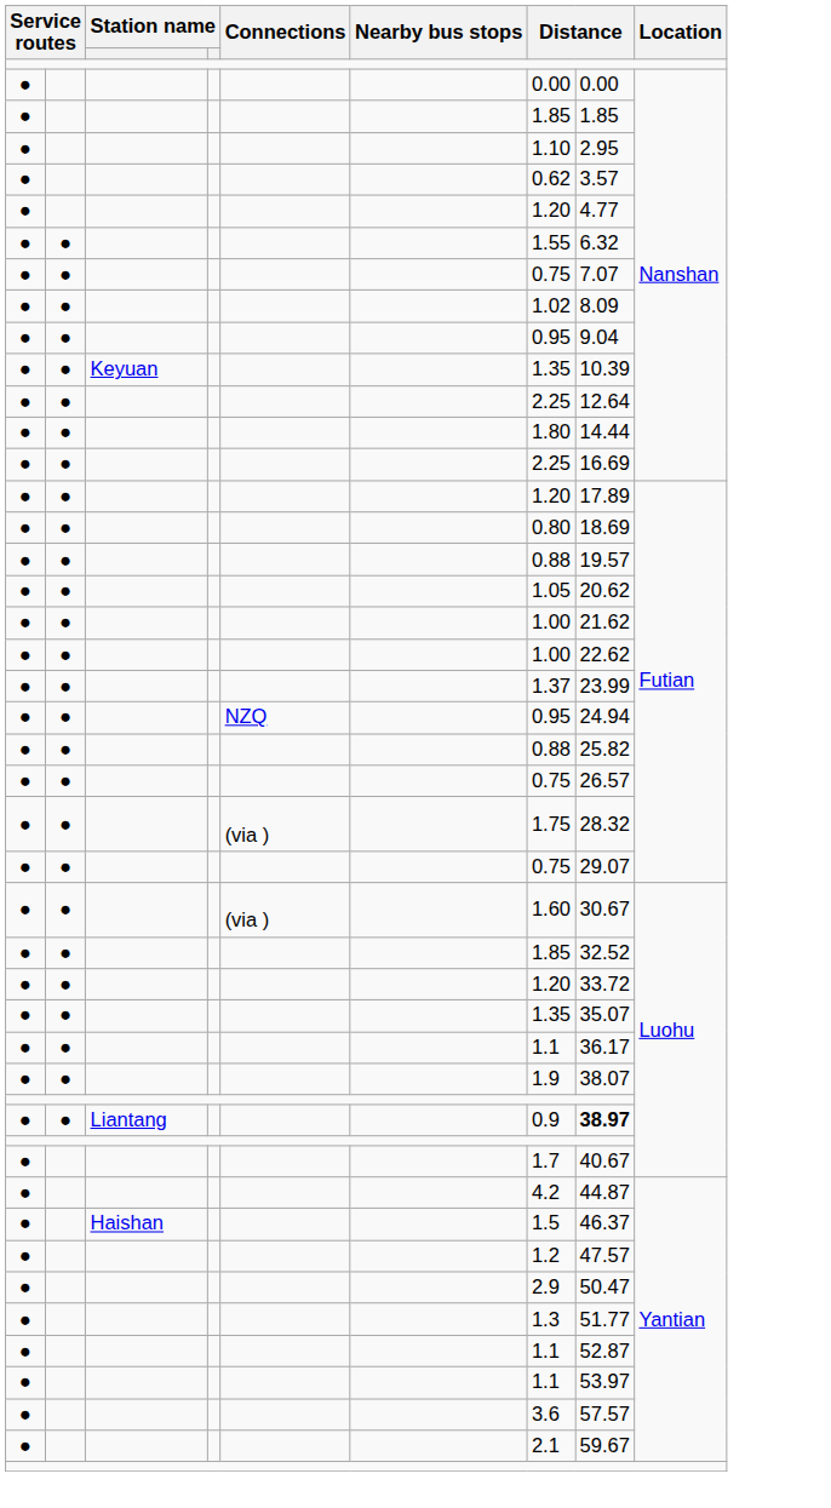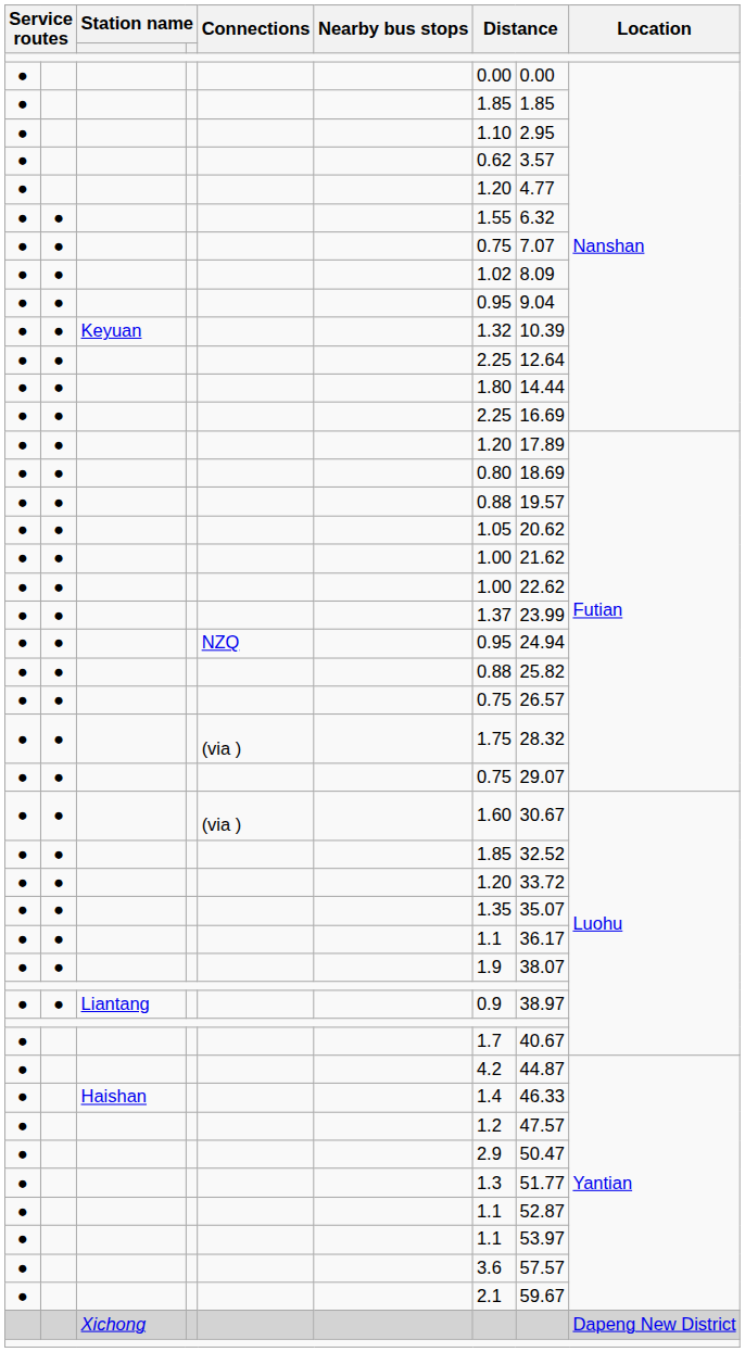 <table class="wikitable">
 <tr>
 <th rowspan="2" colspan="2">Service<br>routes</th>
 <th colspan="2">Station name</th>
 <th rowspan="2">Connections</th>
 <th rowspan="2">Nearby bus stops</th>
 <th colspan="2" rowspan="2">Distance<br></th>
 <th rowspan="2">Location</th>
 </tr>
 <tr>
 <th></th>
 <th></th>
 </tr>
 <tr style="background:#">
 <td colspan = "9"></td>
 </tr>
 <tr>
 <td align="center">●</td>
 <td align="center"></td>
 <td></td>
 <td></td>
 <td></td>
 <td></td>
 <td>0.00</td>
 <td>0.00</td>
 <td rowspan=13><a href='#'>Nanshan</a></td>
 </tr>
 <tr>
 <td align="center">●</td>
 <td align="center"></td>
 <td></td>
 <td></td>
 <td></td>
 <td></td>
 <td>1.85</td>
 <td>1.85</td>
 </tr>
 <tr>
 <td align="center">●</td>
 <td align="center"></td>
 <td></td>
 <td></td>
 <td></td>
 <td></td>
 <td>1.10</td>
 <td>2.95</td>
 </tr>
 <tr>
 <td align="center">●</td>
 <td align="center"></td>
 <td></td>
 <td></td>
 <td></td>
 <td></td>
 <td>0.62</td>
 <td>3.57</td>
 </tr>
 <tr>
 <td align="center">●</td>
 <td align="center"></td>
 <td></td>
 <td></td>
 <td></td>
 <td></td>
 <td>1.20</td>
 <td>4.77</td>
 </tr>
 <tr>
 <td align="center">●</td>
 <td align="center">●</td>
 <td></td>
 <td></td>
 <td></td>
 <td></td>
 <td>1.55</td>
 <td>6.32</td>
 </tr>
 <tr>
 <td align="center">●</td>
 <td align="center">●</td>
 <td></td>
 <td></td>
 <td></td>
 <td></td>
 <td>0.75</td>
 <td>7.07</td>
 </tr>
 <tr>
 <td align="center">●</td>
 <td align="center">●</td>
 <td></td>
 <td></td>
 <td></td>
 <td></td>
 <td>1.02</td>
 <td>8.09</td>
 </tr>
 <tr>
 <td align="center">●</td>
 <td align="center">●</td>
 <td></td>
 <td></td>
 <td> </td>
 <td></td>
 <td>0.95</td>
 <td>9.04</td>
 </tr>
 <tr>
 <td align="center">●</td>
 <td align="center">●</td>
 <td><a href='#'>Keyuan</a></td>
 <td></td>
 <td></td>
 <td></td>
-<td>1.35</td>
+<td>1.32</td>
 <td>10.39</td>
 </tr>
 <tr>
 <td align="center">●</td>
 <td align="center">●</td>
 <td></td>
 <td></td>
 <td></td>
 <td></td>
 <td>2.25</td>
 <td>12.64</td>
 </tr>
 <tr>
 <td align="center">●</td>
 <td align="center">●</td>
 <td></td>
 <td></td>
 <td></td>
 <td></td>
 <td>1.80</td>
 <td>14.44</td>
 </tr>
 <tr>
 <td align="center">●</td>
 <td align="center">●</td>
 <td></td>
 <td></td>
 <td></td>
 <td></td>
 <td>2.25</td>
 <td>16.69</td>
 </tr>
 <tr>
 <td align="center">●</td>
 <td align="center">●</td>
 <td></td>
 <td></td>
 <td></td>
 <td></td>
 <td>1.20</td>
 <td>17.89</td>
 <td rowspan=12><a href='#'>Futian</a></td>
 </tr>
 <tr>
 <td align="center">●</td>
 <td align="center">●</td>
 <td></td>
 <td></td>
 <td></td>
 <td></td>
 <td>0.80</td>
 <td>18.69</td>
 </tr>
 <tr>
 <td align="center">●</td>
 <td align="center">●</td>
 <td></td>
 <td></td>
 <td></td>
 <td></td>
 <td>0.88</td>
 <td>19.57</td>
 </tr>
 <tr>
 <td align="center">●</td>
 <td align="center">●</td>
 <td></td>
 <td></td>
 <td></td>
 <td></td>
 <td>1.05</td>
 <td>20.62</td>
 </tr>
 <tr>
 <td align="center">●</td>
 <td align="center">●</td>
 <td></td>
 <td></td>
 <td></td>
 <td></td>
 <td>1.00</td>
 <td>21.62</td>
 </tr>
 <tr>
 <td align="center">●</td>
 <td align="center">●</td>
 <td></td>
 <td></td>
 <td></td>
 <td></td>
 <td>1.00</td>
 <td>22.62</td>
 </tr>
 <tr>
 <td align="center">●</td>
 <td align="center">●</td>
 <td></td>
 <td></td>
 <td></td>
 <td></td>
 <td>1.37</td>
 <td>23.99</td>
 </tr>
 <tr>
 <td align="center">●</td>
 <td align="center">●</td>
 <td></td>
 <td></td>
 <td>    <a href='#'>NZQ</a></td>
 <td></td>
 <td>0.95</td>
 <td>24.94</td>
 </tr>
 <tr>
 <td align="center">●</td>
 <td align="center">●</td>
 <td></td>
 <td></td>
 <td></td>
 <td></td>
 <td>0.88</td>
 <td>25.82</td>
 </tr>
 <tr>
 <td align="center">●</td>
 <td align="center">●</td>
 <td></td>
 <td></td>
 <td>  </td>
 <td></td>
 <td>0.75</td>
 <td>26.57</td>
 </tr>
 <tr>
 <td align="center">●</td>
 <td align="center">●</td>
 <td></td>
 <td></td>
 <td><br> (via )</td>
 <td></td>
 <td>1.75</td>
 <td>28.32</td>
 </tr>
 <tr>
 <td align="center">●</td>
 <td align="center">●</td>
 <td></td>
 <td></td>
 <td></td>
 <td></td>
 <td>0.75</td>
 <td>29.07</td>
 </tr>
 <tr>
 <td align="center">●</td>
 <td align="center">●</td>
 <td></td>
 <td></td>
 <td>  <br>  (via )</td>
 <td></td>
 <td>1.60</td>
 <td>30.67</td>
 <td rowspan=10><a href='#'>Luohu</a></td>
 </tr>
 <tr>
 <td align="center">●</td>
 <td align="center">●</td>
 <td></td>
 <td></td>
 <td></td>
 <td></td>
 <td>1.85</td>
 <td>32.52</td>
 </tr>
 <tr>
 <td align="center">●</td>
 <td align="center">●</td>
 <td></td>
 <td></td>
 <td></td>
 <td></td>
 <td>1.20</td>
 <td>33.72</td>
 </tr>
 <tr>
 <td align="center">●</td>
 <td align="center">●</td>
 <td></td>
 <td></td>
 <td></td>
 <td></td>
 <td>1.35</td>
 <td>35.07</td>
 </tr>
 <tr>
 <td align="center">●</td>
 <td align="center">●</td>
 <td></td>
 <td></td>
 <td></td>
 <td></td>
 <td>1.1</td>
 <td>36.17</td>
 </tr>
 <tr>
 <td align="center">●</td>
 <td align="center">●</td>
 <td></td>
 <td></td>
 <td></td>
 <td></td>
 <td>1.9</td>
 <td>38.07</td>
 </tr>
 <tr style="background:#">
 <td colspan = "8"></td>
 </tr>
 <tr>
 <td align="center" style = "border-top:solid 0; border-bottom:solid 0;">●</td>
 <td align="center" style = "border-top:solid 0; border-bottom:solid 0;">●</td>
 <td><a href='#'>Liantang</a></td>
 <td></td>
 <td></td>
 <td></td>
 <td>0.9</td>
-<td><strong>38.97</strong></td>
+<td>38.97</td>
 </tr>
 <tr style="background:#">
 <td colspan = "8"></td>
 </tr>
 <tr>
 <td align="center">●</td>
 <td align="center"></td>
 <td></td>
 <td></td>
 <td></td>
 <td></td>
 <td>1.7</td>
 <td>40.67</td>
 </tr>
 <tr>
 <td align="center">●</td>
 <td align="center"></td>
 <td></td>
 <td></td>
 <td></td>
 <td></td>
 <td>4.2</td>
 <td>44.87</td>
 <td rowspan="9"><a href='#'>Yantian</a></td>
 </tr>
 <tr>
 <td align="center">●</td>
 <td align="center"></td>
 <td><a href='#'>Haishan</a></td>
 <td></td>
 <td></td>
 <td></td>
-<td>1.5</td>
-<td>46.37</td>
+<td>1.4</td>
+<td>46.33</td>
 </tr>
 <tr>
 <td align="center">●</td>
 <td align="center"></td>
 <td></td>
 <td></td>
 <td></td>
 <td></td>
 <td>1.2</td>
 <td>47.57</td>
 </tr>
 <tr>
 <td align="center">●</td>
 <td align="center"></td>
 <td></td>
 <td></td>
 <td></td>
 <td></td>
 <td>2.9</td>
 <td>50.47</td>
 </tr>
 <tr>
 <td align="center">●</td>
 <td align="center"></td>
 <td></td>
 <td></td>
 <td></td>
 <td></td>
 <td>1.3</td>
 <td>51.77</td>
 </tr>
 <tr>
 <td align="center">●</td>
 <td align="center"></td>
 <td></td>
 <td></td>
 <td></td>
 <td></td>
 <td>1.1</td>
 <td>52.87</td>
 </tr>
 <tr>
 <td align="center">●</td>
 <td align="center"></td>
 <td></td>
 <td></td>
 <td></td>
 <td></td>
 <td>1.1</td>
 <td>53.97</td>
 </tr>
 <tr>
 <td align="center">●</td>
 <td align="center"></td>
 <td></td>
 <td></td>
 <td></td>
 <td></td>
 <td>3.6</td>
 <td>57.57</td>
 </tr>
 <tr>
 <td align="center">●</td>
 <td align="center"></td>
 <td></td>
 <td></td>
 <td></td>
 <td></td>
 <td>2.1</td>
 <td>59.67</td>
 </tr>
+<tr bgcolor="lightgrey">
+<td align="center"></td>
+<td align="center"></td>
+<td><em><a href='#'>Xichong</a></em></td>
+<td></td>
+<td></td>
+<td></td>
+<td></td>
+<td></td>
+<td><a href='#'>Dapeng New District</a></td>
+</tr>
 <tr style="background:#">
 <td colspan = "9"></td>
 </tr>
 </table>
